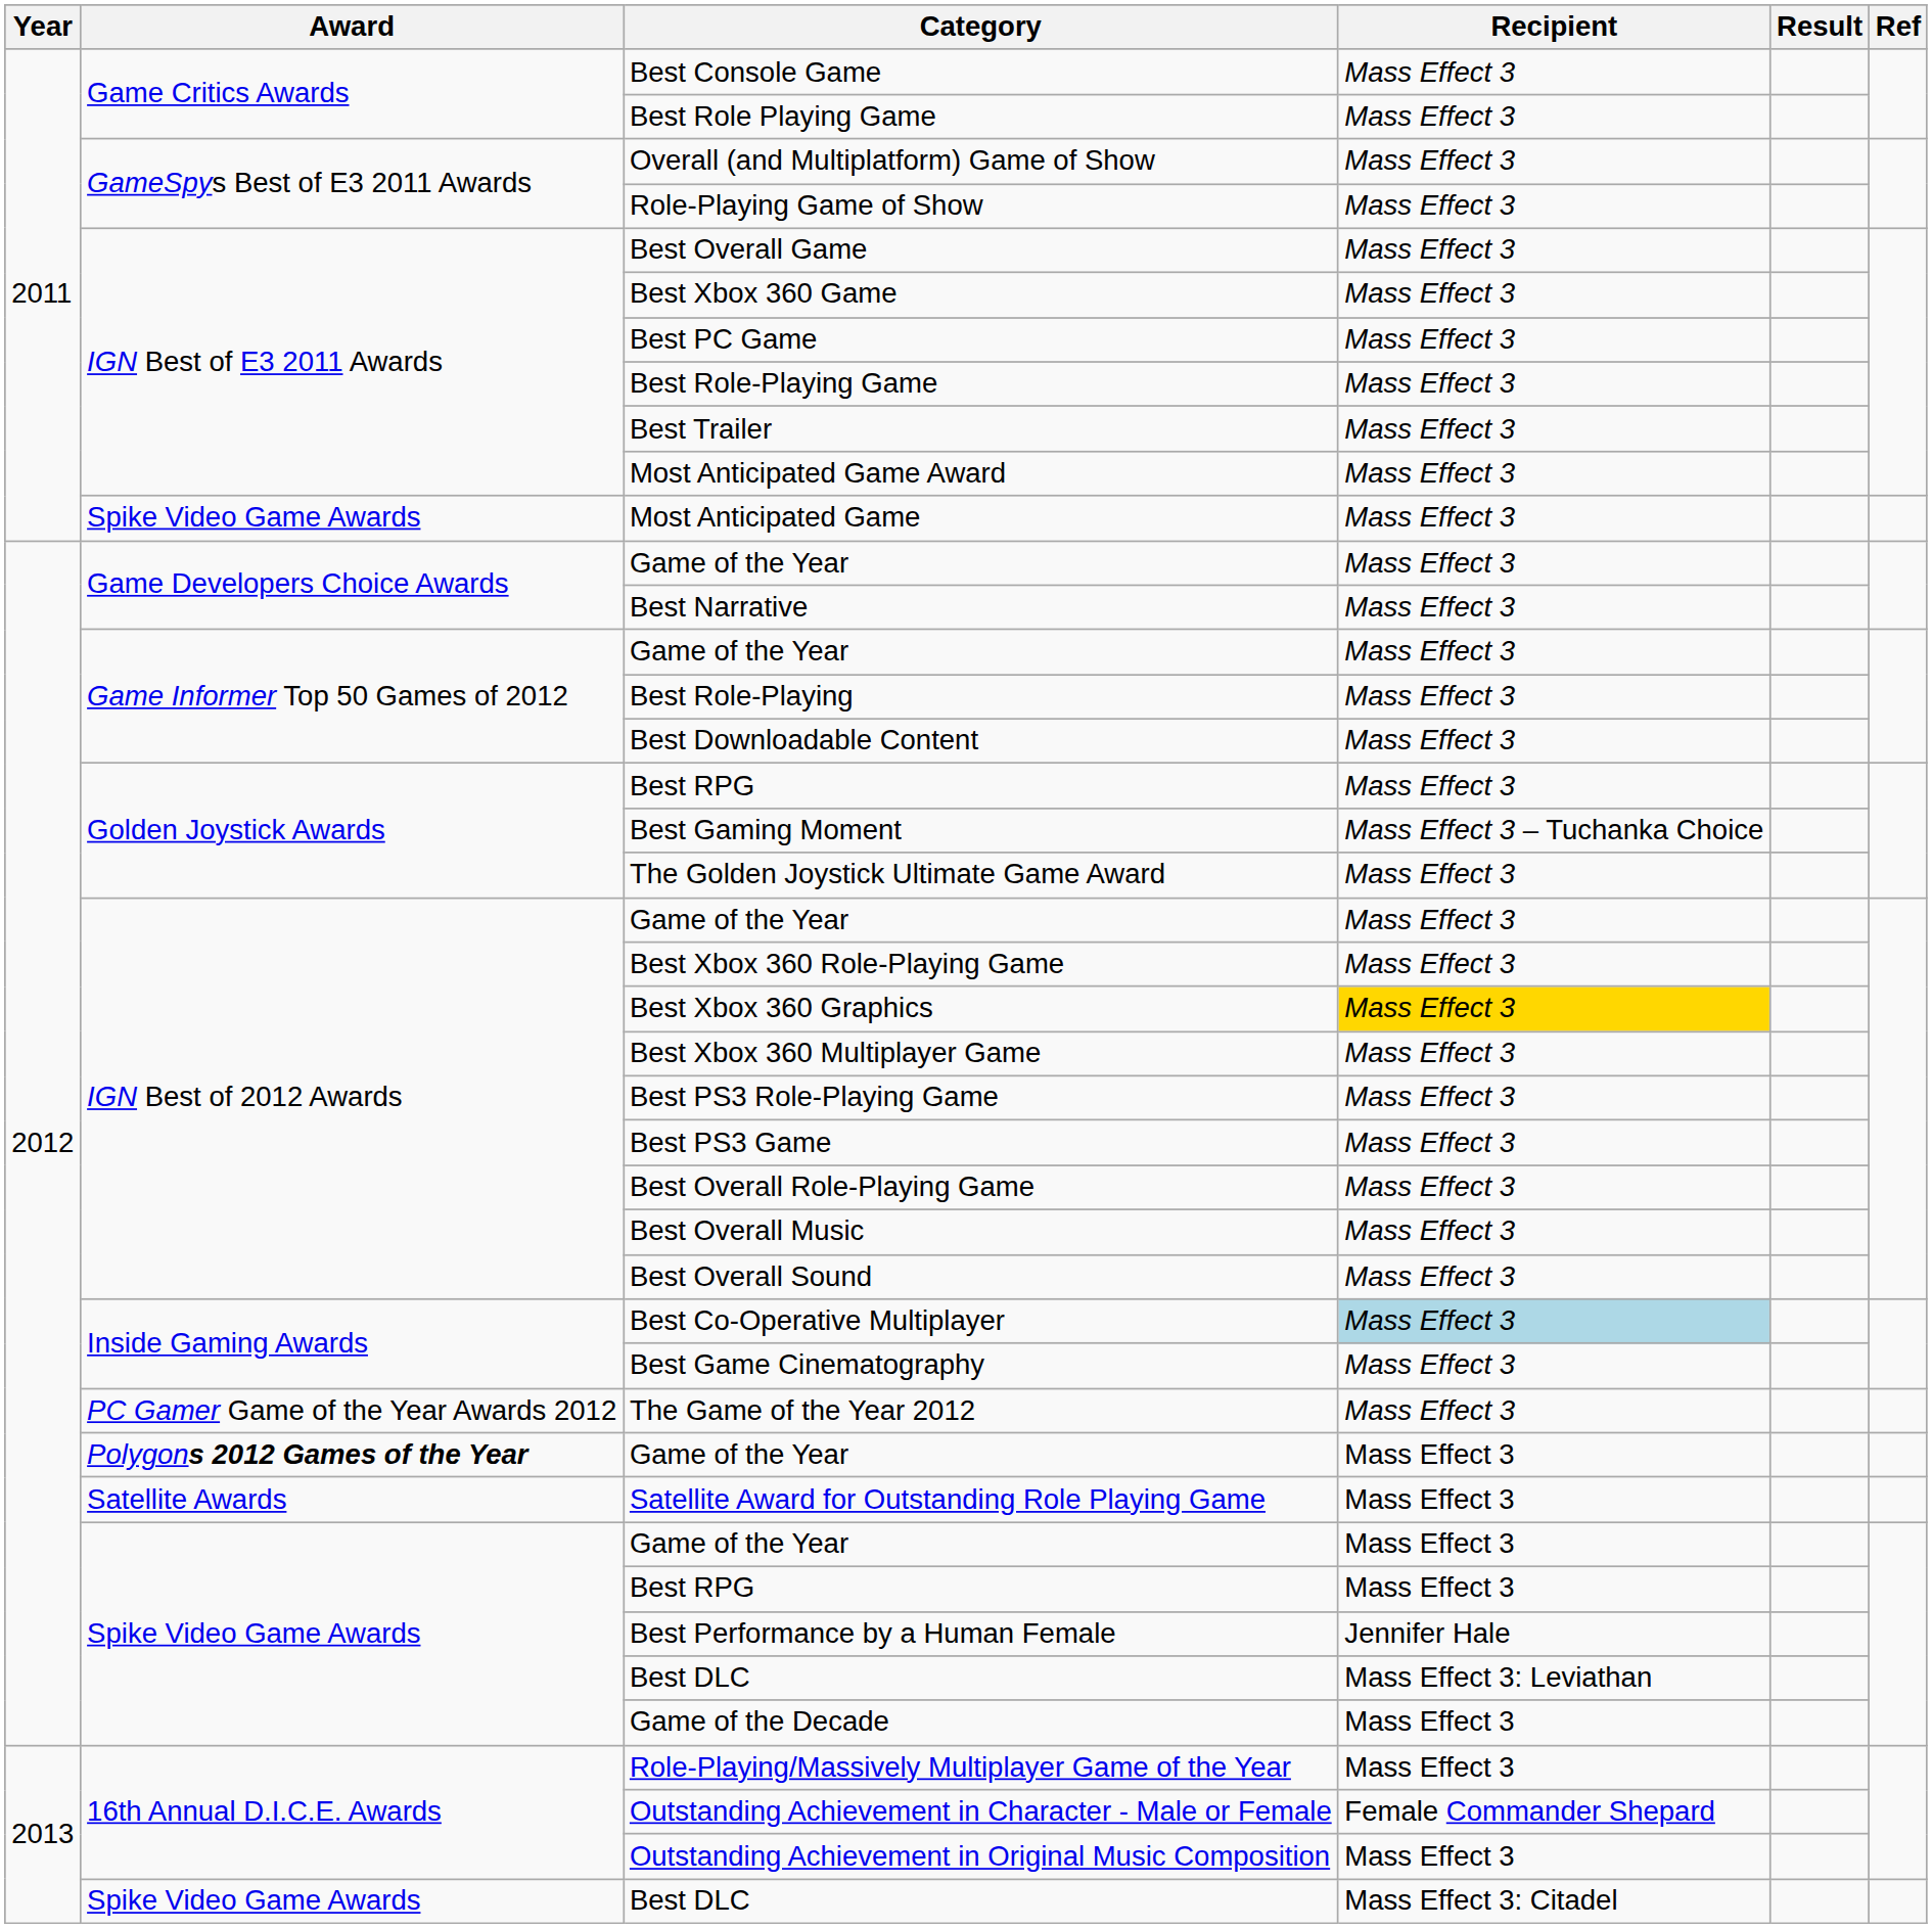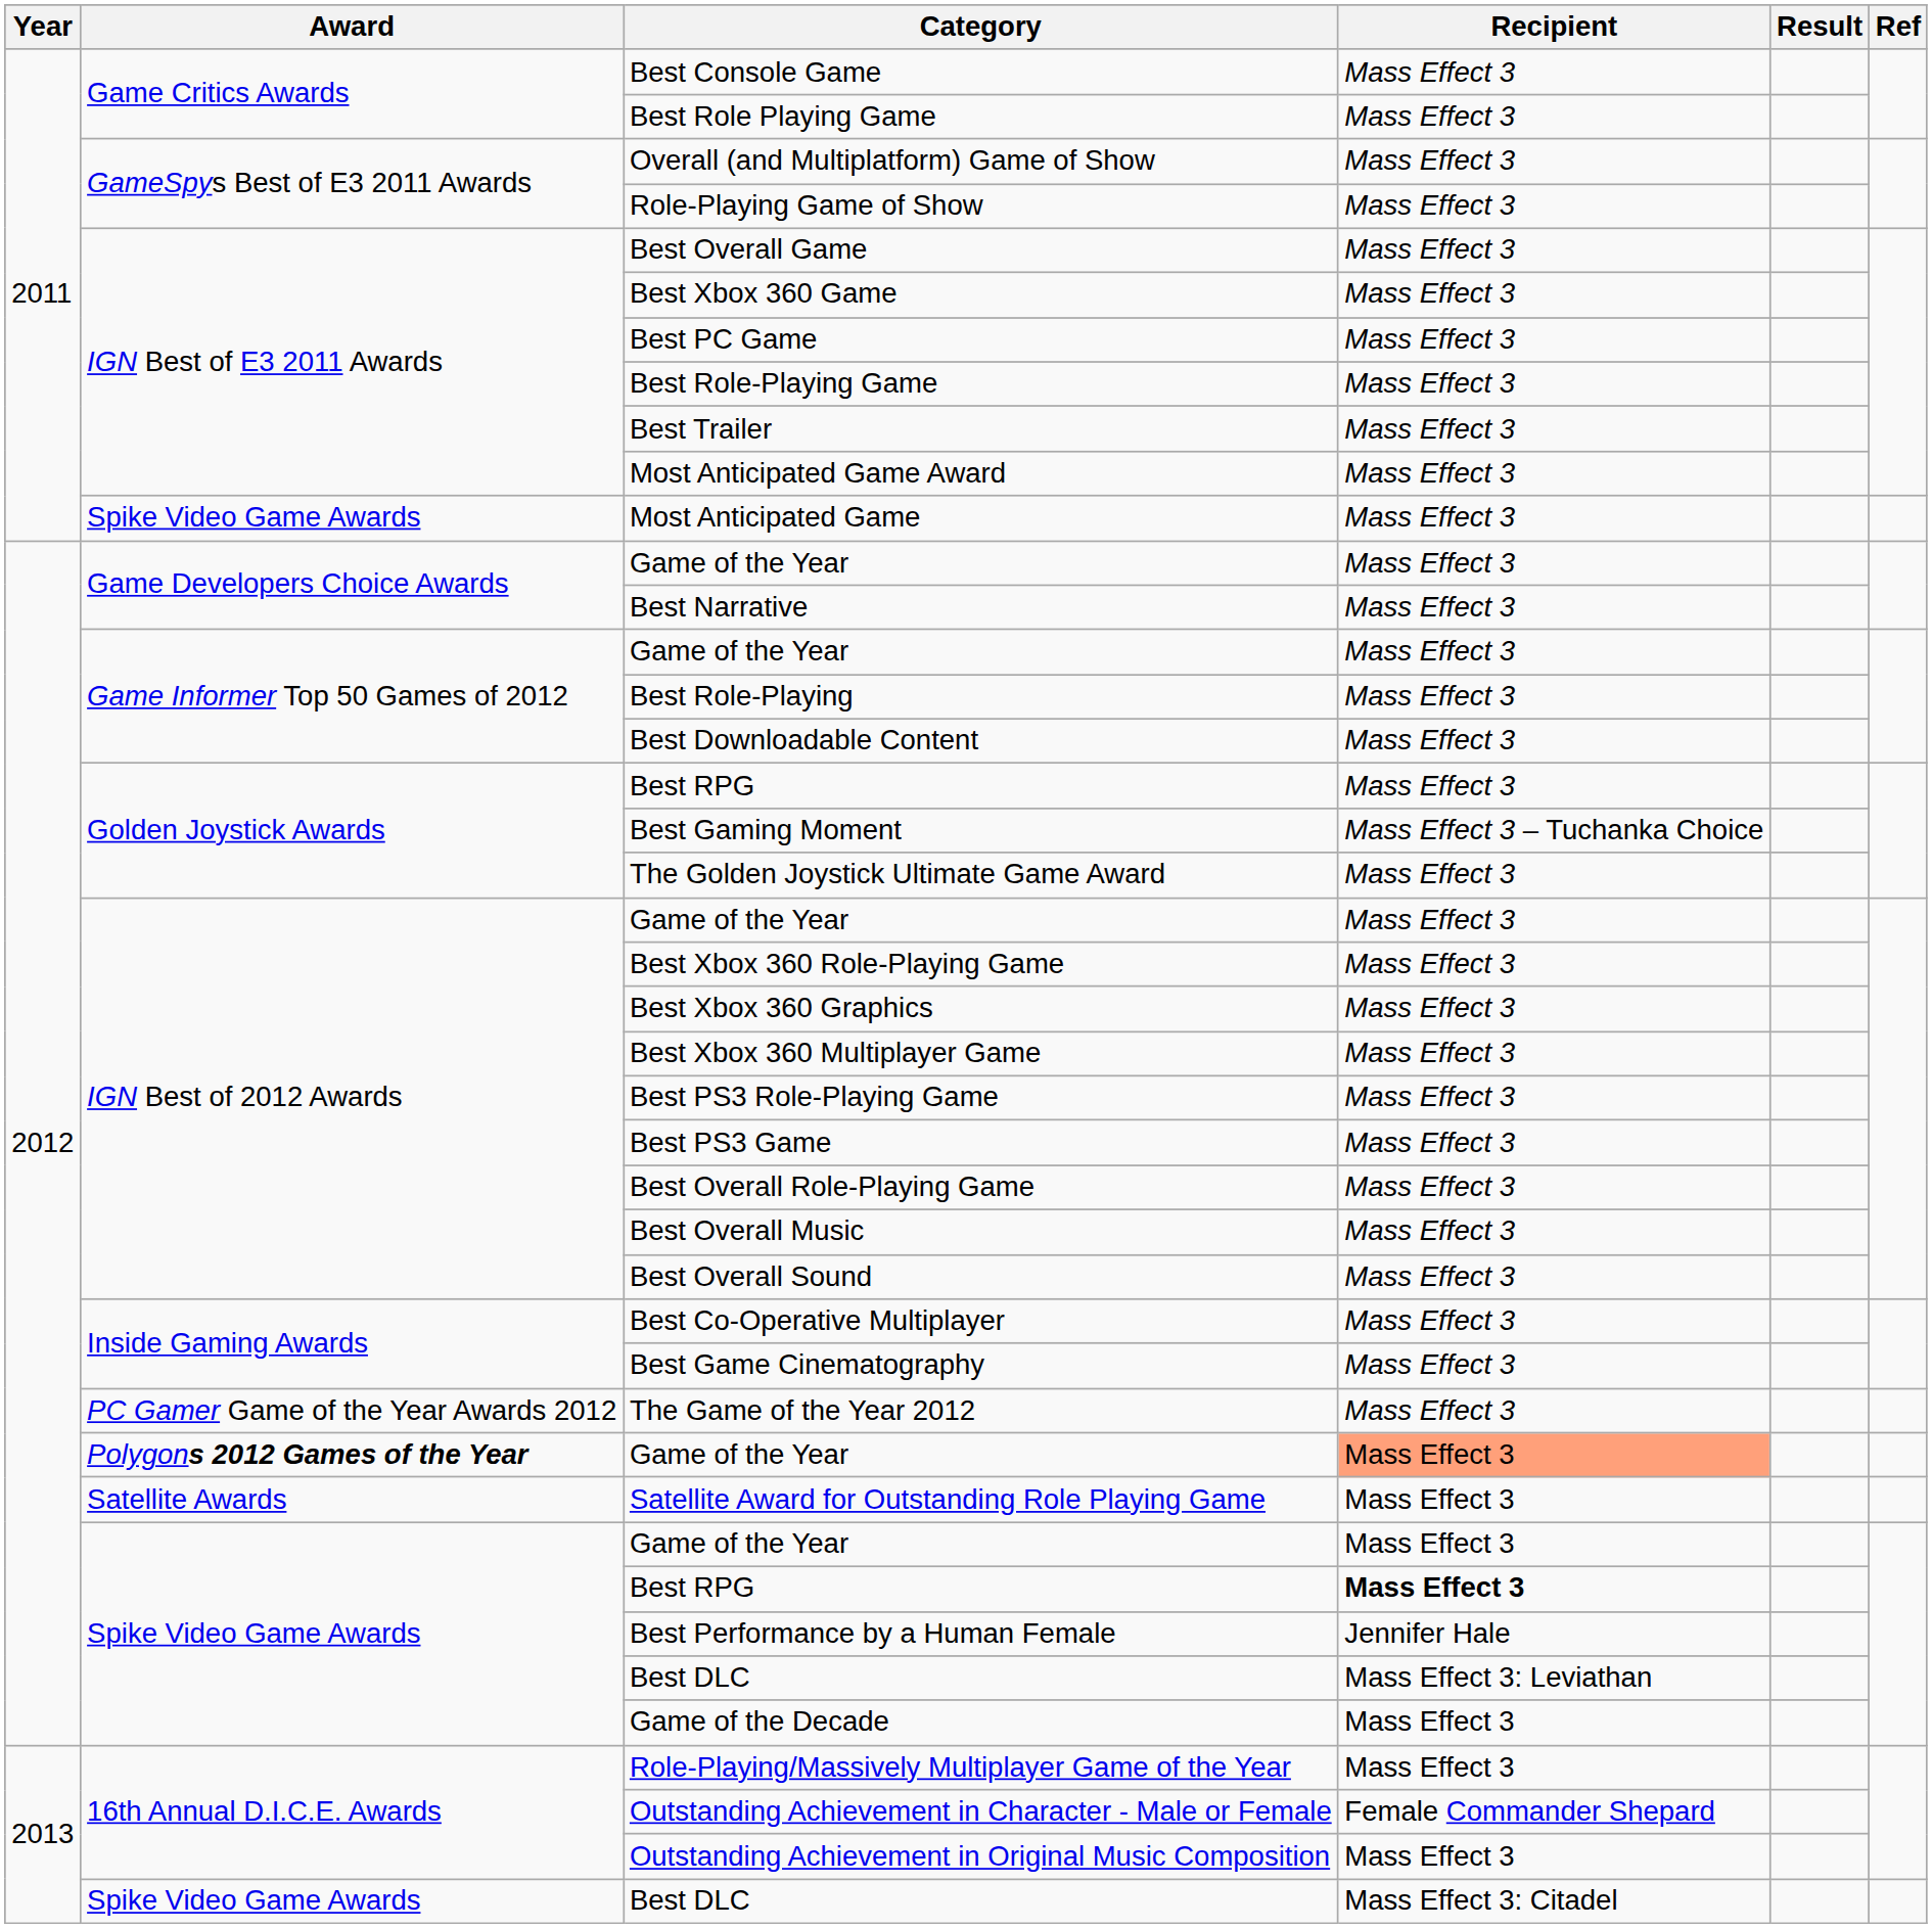 <table class="wikitable sortable mw-collapsible mw-collapsed">
 <tr>
 <th>Year</th>
 <th>Award</th>
 <th>Category</th>
 <th>Recipient</th>
 <th>Result</th>
 <th>Ref</th>
 </tr>
 <tr>
 <td rowspan="11" align="text-align:center;">2011</td>
 <td rowspan="2"><a href='#'>Game Critics Awards</a></td>
 <td>Best Console Game</td>
 <td><em>Mass Effect 3</em></td>
 <td></td>
 <td rowspan="2" style="text-align:center;"></td>
 </tr>
 <tr>
 <td>Best Role Playing Game</td>
 <td><em>Mass Effect 3</em></td>
 <td></td>
 </tr>
 <tr>
 <td rowspan="2"><em><a href='#'>GameSpy</a></em>s Best of E3 2011 Awards</td>
 <td>Overall (and Multiplatform) Game of Show</td>
 <td><em>Mass Effect 3</em></td>
 <td></td>
 <td rowspan="2" style="text-align:center;"></td>
 </tr>
 <tr>
 <td>Role-Playing Game of Show</td>
 <td><em>Mass Effect 3</em></td>
 <td></td>
 </tr>
 <tr>
 <td rowspan="6"><em><a href='#'>IGN</a></em> Best of <a href='#'>E3 2011</a> Awards</td>
 <td>Best Overall Game</td>
 <td><em>Mass Effect 3</em></td>
 <td></td>
 <td rowspan="6" style="text-align:center;"></td>
 </tr>
 <tr>
 <td>Best Xbox 360 Game</td>
 <td><em>Mass Effect 3</em></td>
 <td></td>
 </tr>
 <tr>
 <td>Best PC Game</td>
 <td><em>Mass Effect 3</em></td>
 <td></td>
 </tr>
 <tr>
 <td>Best Role-Playing Game</td>
 <td><em>Mass Effect 3</em></td>
 <td></td>
 </tr>
 <tr>
 <td>Best Trailer</td>
 <td><em>Mass Effect 3</em></td>
 <td></td>
 </tr>
 <tr>
 <td>Most Anticipated Game Award</td>
 <td><em>Mass Effect 3</em></td>
 <td></td>
 </tr>
 <tr>
 <td rowspan="1"><a href='#'>Spike Video Game Awards</a></td>
 <td>Most Anticipated Game</td>
 <td><em>Mass Effect 3</em></td>
 <td></td>
 <td rowspan="1" style="text-align:center;"></td>
 </tr>
 <tr>
 <td rowspan="27" align="text-align:center;">2012</td>
 <td rowspan="2"><a href='#'>Game Developers Choice Awards</a></td>
 <td>Game of the Year</td>
 <td><em>Mass Effect 3</em></td>
 <td></td>
 <td rowspan="2" style="text-align:center;"></td>
 </tr>
 <tr>
 <td>Best Narrative</td>
 <td><em>Mass Effect 3</em></td>
 <td></td>
 </tr>
 <tr>
 <td rowspan="3"><em><a href='#'>Game Informer</a></em> Top 50 Games of 2012</td>
 <td>Game of the Year</td>
 <td><em>Mass Effect 3</em></td>
 <td></td>
 <td rowspan="3" style="text-align:center;"></td>
 </tr>
 <tr>
 <td>Best Role-Playing</td>
 <td><em>Mass Effect 3</em></td>
 <td></td>
 </tr>
 <tr>
 <td>Best Downloadable Content</td>
 <td><em>Mass Effect 3</em></td>
 <td></td>
 </tr>
 <tr>
 <td rowspan="3"><a href='#'>Golden Joystick Awards</a></td>
 <td>Best RPG</td>
 <td><em>Mass Effect 3</em></td>
 <td></td>
 <td rowspan="3" style="text-align:center;"></td>
 </tr>
 <tr>
 <td>Best Gaming Moment</td>
 <td><em>Mass Effect 3</em> – Tuchanka Choice</td>
 <td></td>
 </tr>
 <tr>
 <td>The Golden Joystick Ultimate Game Award</td>
 <td><em>Mass Effect 3</em></td>
 <td></td>
 </tr>
 <tr>
 <td rowspan="9"><em><a href='#'>IGN</a></em> Best of 2012 Awards</td>
 <td>Game of the Year</td>
 <td><em>Mass Effect 3</em></td>
 <td></td>
 <td rowspan="9" style="text-align:center;"></td>
 </tr>
 <tr>
 <td>Best Xbox 360 Role-Playing Game</td>
 <td><em>Mass Effect 3</em></td>
 <td></td>
 </tr>
 <tr>
 <td>Best Xbox 360 Graphics</td>
-<td style="background: gold;"><em>Mass Effect 3</em></td>
+<td><em>Mass Effect 3</em></td>
 <td></td>
 </tr>
 <tr>
 <td>Best Xbox 360 Multiplayer Game</td>
 <td><em>Mass Effect 3</em></td>
 <td></td>
 </tr>
 <tr>
 <td>Best PS3 Role-Playing Game</td>
 <td><em>Mass Effect 3</em></td>
 <td></td>
 </tr>
 <tr>
 <td>Best PS3 Game</td>
 <td><em>Mass Effect 3</em></td>
 <td></td>
 </tr>
 <tr>
 <td>Best Overall Role-Playing Game</td>
 <td><em>Mass Effect 3</em></td>
 <td></td>
 </tr>
 <tr>
 <td>Best Overall Music</td>
 <td><em>Mass Effect 3</em></td>
 <td></td>
 </tr>
 <tr>
 <td>Best Overall Sound</td>
 <td><em>Mass Effect 3</em></td>
 <td></td>
 </tr>
 <tr>
 <td rowspan="2"><a href='#'>Inside Gaming Awards</a></td>
 <td>Best Co-Operative Multiplayer</td>
-<td style="background: lightblue;"><em>Mass Effect 3</em></td>
+<td><em>Mass Effect 3</em></td>
 <td></td>
 <td rowspan="2" style="text-align:center;"></td>
 </tr>
 <tr>
 <td>Best Game Cinematography</td>
 <td><em>Mass Effect 3</em></td>
 <td></td>
 </tr>
 <tr>
 <td rowspan="1"><em><a href='#'>PC Gamer</a></em> Game of the Year Awards 2012</td>
 <td>The Game of the Year 2012</td>
 <td><em>Mass Effect 3</em></td>
 <td></td>
 <td rowspan="1" style="text-align:center;"></td>
 </tr>
 <tr>
 <td rowspan="1"><em><a href='#'>Polygon</a><strong>s 2012 Games of the Year</td>
 <td>Game of the Year</td>
-<td></em>Mass Effect 3<em></td>
+<td style="background: lightsalmon;"></em>Mass Effect 3<em></td>
 <td></td>
 <td rowspan="1" style="text-align:center;"></td>
 </tr>
 <tr>
 <td rowspan="1"><a href='#'>Satellite Awards</a></td>
 <td><a href='#'>Satellite Award for Outstanding Role Playing Game</a></td>
 <td></em>Mass Effect 3<em></td>
 <td></td>
 <td rowspan="1" style="text-align:center;"></td>
 </tr>
 <tr>
 <td rowspan="5"><a href='#'>Spike Video Game Awards</a></td>
 <td>Game of the Year</td>
 <td></em>Mass Effect 3<em></td>
 <td></td>
 <td rowspan="5" style="text-align:center;"></td>
 </tr>
 <tr>
 <td>Best RPG</td>
-<td></em>Mass Effect 3<em></td>
+<td><strong></em>Mass Effect 3<em></strong></td>
 <td></td>
 </tr>
 <tr>
 <td>Best Performance by a Human Female</td>
 <td>Jennifer Hale</td>
 <td></td>
 </tr>
 <tr>
 <td>Best DLC</td>
 <td></em>Mass Effect 3: Leviathan<em></td>
 <td></td>
 </tr>
 <tr>
 <td>Game of the Decade</td>
 <td></em>Mass Effect 3<em></td>
 <td></td>
 </tr>
 <tr>
 <td rowspan="4" align="text-align:center;">2013</td>
 <td rowspan="3"><a href='#'>16th Annual D.I.C.E. Awards</a></td>
 <td><a href='#'>Role-Playing/Massively Multiplayer Game of the Year</a></td>
 <td></em>Mass Effect 3<em></td>
 <td></td>
 <td rowspan="3" style="text-align:center;"></td>
 </tr>
 <tr>
 <td><a href='#'>Outstanding Achievement in Character - Male or Female</a></td>
 <td>Female <a href='#'>Commander Shepard</a></td>
 <td></td>
 </tr>
 <tr>
 <td><a href='#'>Outstanding Achievement in Original Music Composition</a></td>
 <td></em>Mass Effect 3<em></td>
 <td></td>
 </tr>
 <tr>
 <td rowspan="1"><a href='#'>Spike Video Game Awards</a></td>
 <td>Best DLC</td>
 <td></em>Mass Effect 3: Citadel<em></td>
 <td></td>
 <td rowspan="1" style="text-align:center;"></td>
 </tr>
 </table>
